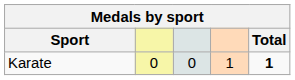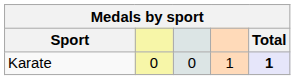 <table class="wikitable" style="font-size:90%; text-align:center;">
 <tr>
 <th colspan="5">Medals by sport</th>
 </tr>
 <tr>
 <th width="120">Sport</th>
 <th scope="col" width="30" style="background:#F7F6A8;"></th>
 <th scope="col" width="30" style="background:#DCE5E5;"></th>
 <th scope="col" width="30" style="background:#FFDAB9;"></th>
 <th width="30">Total</th>
 </tr>
 <tr>
 <td align="left">Karate</td>
 <td style="background:#F7F6A8;">0</td>
 <td style="background:#DCE5E5;">0</td>
 <td style="background:#FFDAB9;">1</td>
-<td><strong>1</strong></td>
+<td style="background: lavender;"><strong>1</strong></td>
 </tr>
 </table>
